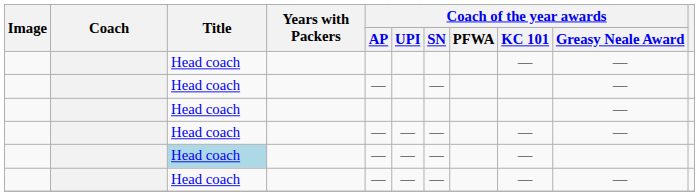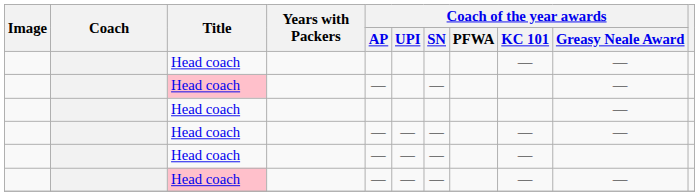 <table class="wikitable sortable" style="text-align: center;">
 <tr>
 <th scope="col" rowspan="2" class="unsortable">Image</th>
 <th scope="col" rowspan="2" width=120px>Coach</th>
 <th scope="col" rowspan="2" width=100px>Title</th>
 <th scope="col" rowspan="2" width=100px>Years with Packers</th>
 <th scope="colgroup" colspan="6"><a href='#'>Coach of the year awards</a></th>
 <th scope="col" rowspan="2" class="unsortable"></th>
 </tr>
 <tr>
 <th scope="col"><a href='#'>AP</a></th>
 <th scope="col"><a href='#'>UPI</a></th>
 <th scope="col"><a href='#'>SN</a></th>
 <th scope="col">PFWA</th>
 <th scope="col"><a href='#'>KC 101</a></th>
 <th scope="col"><a href='#'>Greasy Neale Award</a><br></th>
 </tr>
 <tr>
 <td></td>
 <th scope="row" style="text-align: left;"></th>
 <td style="text-align: left;"><a href='#'>Head coach</a></td>
 <td></td>
 <td> </td>
 <td> </td>
 <td> </td>
 <td> </td>
 <td>—</td>
 <td>—</td>
 <td></td>
 </tr>
 <tr>
 <td></td>
 <th scope="row" style="text-align: left;"></th>
-<td style="text-align: left;"><a href='#'>Head coach</a></td>
+<td style="background: pink; text-align: left;"><a href='#'>Head coach</a></td>
 <td></td>
 <td>—</td>
 <td> </td>
 <td>—</td>
 <td> </td>
 <td> </td>
 <td>—</td>
 <td></td>
 </tr>
 <tr>
 <td></td>
 <th scope="row" style="text-align: left;"></th>
 <td style="text-align: left;"><a href='#'>Head coach</a></td>
 <td></td>
 <td> </td>
 <td> </td>
 <td> </td>
 <td> </td>
 <td> </td>
 <td>—</td>
 <td></td>
 </tr>
 <tr>
 <td></td>
 <th scope="row" style="text-align: left;"></th>
 <td style="text-align: left;"><a href='#'>Head coach</a></td>
 <td></td>
 <td>—</td>
 <td>—</td>
 <td>—</td>
 <td> </td>
 <td>—</td>
 <td>—</td>
 <td></td>
 </tr>
 <tr>
 <td></td>
 <th scope="row" style="text-align: left;"></th>
-<td style="background: lightblue; text-align: left;"><a href='#'>Head coach</a></td>
+<td style="text-align: left;"><a href='#'>Head coach</a></td>
 <td><br></td>
 <td>—</td>
 <td>—</td>
 <td>—</td>
 <td> </td>
 <td>—</td>
 <td> </td>
 <td></td>
 </tr>
 <tr>
 <td></td>
 <th scope="row" style="text-align: left;"></th>
-<td style="text-align: left;"><a href='#'>Head coach</a></td>
+<td style="background: pink; text-align: left;"><a href='#'>Head coach</a></td>
 <td></td>
 <td>—</td>
 <td>—</td>
 <td>—</td>
 <td> </td>
 <td>—</td>
 <td>—</td>
 <td></td>
 </tr>
 <tr>
 </tr>
 </table>
